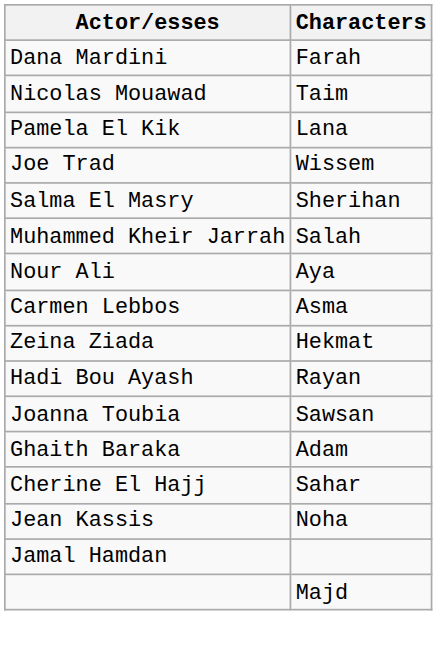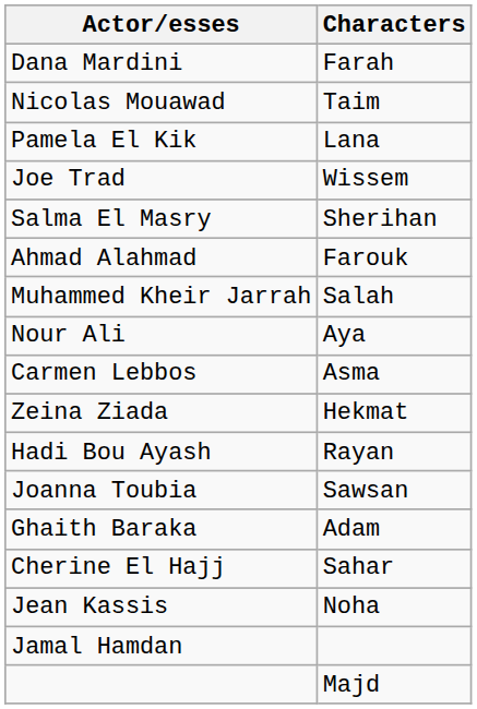 <table class="wikitable">
 <tr>
 <th>Actor/esses</th>
 <th>Characters</th>
 </tr>
 <tr>
 <td>Dana Mardini</td>
 <td>Farah</td>
 </tr>
 <tr>
 <td>Nicolas Mouawad</td>
 <td>Taim</td>
 </tr>
 <tr>
 <td>Pamela El Kik</td>
 <td>Lana</td>
 </tr>
 <tr>
 <td>Joe Trad</td>
 <td>Wissem</td>
 </tr>
 <tr>
 <td>Salma El Masry</td>
 <td>Sherihan</td>
+</tr>
+<tr>
+<td>Ahmad Alahmad</td>
+<td>Farouk</td>
 </tr>
 <tr>
 <td>Muhammed Kheir Jarrah</td>
 <td>Salah</td>
 </tr>
 <tr>
 <td>Nour Ali</td>
 <td>Aya</td>
 </tr>
 <tr>
 <td>Carmen Lebbos</td>
 <td>Asma</td>
 </tr>
 <tr>
 <td>Zeina Ziada</td>
 <td>Hekmat</td>
 </tr>
 <tr>
 <td>Hadi Bou Ayash</td>
 <td>Rayan</td>
 </tr>
 <tr>
 <td>Joanna Toubia</td>
 <td>Sawsan</td>
 </tr>
 <tr>
 <td>Ghaith Baraka</td>
 <td>Adam</td>
 </tr>
 <tr>
 <td>Cherine El Hajj</td>
 <td>Sahar</td>
 </tr>
 <tr>
 <td>Jean Kassis</td>
 <td>Noha</td>
 </tr>
 <tr>
 <td>Jamal Hamdan</td>
 <td></td>
 </tr>
 <tr>
 <td></td>
 <td>Majd</td>
 </tr>
 </table>
